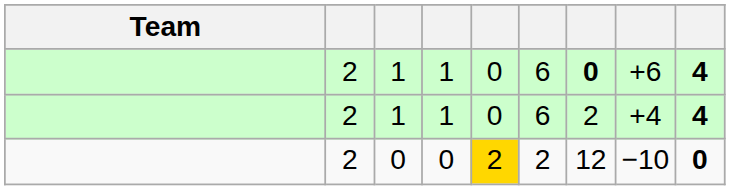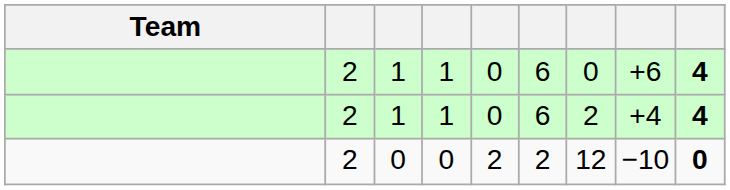 <table class="wikitable" style="text-align: center;">
 <tr>
 <th width=175>Team</th>
 <th width=20></th>
 <th width=20></th>
 <th width=20></th>
 <th width=20></th>
 <th width=20></th>
 <th width=20></th>
 <th width=20></th>
 <th width=20></th>
 </tr>
 <tr style="background:#cfc;">
 <td style="text-align:left;"></td>
 <td>2</td>
 <td>1</td>
 <td>1</td>
 <td>0</td>
 <td>6</td>
-<td><strong>0</strong></td>
+<td>0</td>
 <td>+6</td>
 <td><strong>4</strong></td>
 </tr>
 <tr style="background:#cfc;">
 <td style="text-align:left;"></td>
 <td>2</td>
 <td>1</td>
 <td>1</td>
 <td>0</td>
 <td>6</td>
 <td>2</td>
 <td>+4</td>
 <td><strong>4</strong></td>
 </tr>
 <tr>
 <td style="text-align:left;"></td>
 <td>2</td>
 <td>0</td>
 <td>0</td>
-<td style="background: gold;">2</td>
+<td>2</td>
 <td>2</td>
 <td>12</td>
 <td>−10</td>
 <td><strong>0</strong></td>
 </tr>
 </table>
